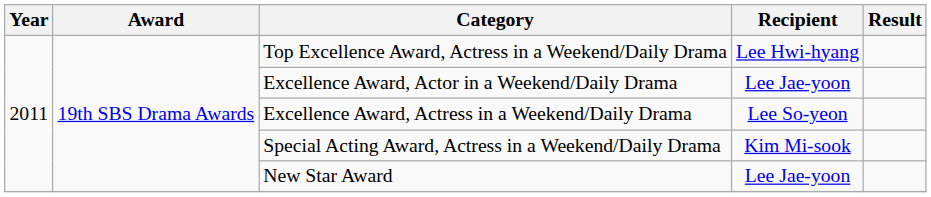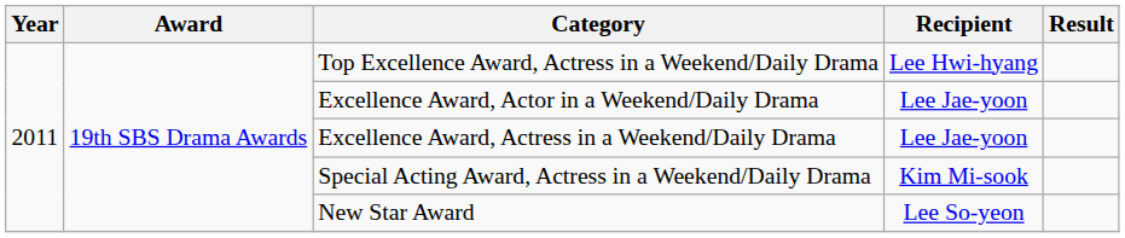 <table class="wikitable">
 <tr>
 <th>Year</th>
 <th>Award</th>
 <th>Category</th>
 <th>Recipient</th>
 <th>Result</th>
 </tr>
 <tr>
 <td rowspan="5" style="text-align:center;">2011</td>
 <td rowspan="5"><a href='#'>19th SBS Drama Awards</a></td>
 <td>Top Excellence Award, Actress in a Weekend/Daily Drama</td>
 <td style="text-align:center;"><a href='#'>Lee Hwi-hyang</a></td>
 <td></td>
 </tr>
 <tr>
 <td>Excellence Award, Actor in a Weekend/Daily Drama</td>
 <td style="text-align:center;"><a href='#'>Lee Jae-yoon</a></td>
 <td></td>
 </tr>
 <tr>
 <td>Excellence Award, Actress in a Weekend/Daily Drama</td>
-<td style="text-align:center;"><a href='#'>Lee So-yeon</a></td>
+<td style="text-align:center;"><a href='#'>Lee Jae-yoon</a></td>
 <td></td>
 </tr>
 <tr>
 <td>Special Acting Award, Actress in a Weekend/Daily Drama</td>
 <td style="text-align:center;"><a href='#'>Kim Mi-sook</a></td>
 <td></td>
 </tr>
 <tr>
 <td>New Star Award</td>
-<td style="text-align:center;"><a href='#'>Lee Jae-yoon</a></td>
+<td style="text-align:center;"><a href='#'>Lee So-yeon</a></td>
 <td></td>
 </tr>
 <tr>
 </tr>
 </table>
